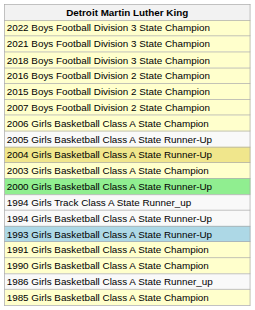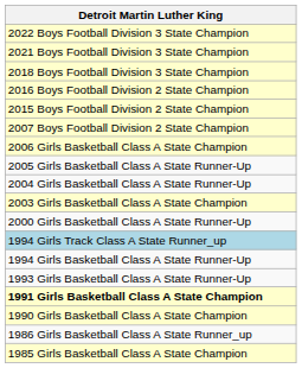 <table class="wikitable collapsible collapsed" style="min-width:25em; font-size:88%;">
 <tr>
 <th colspan="2">Detroit Martin Luther King</th>
 </tr>
 <tr style="background:#ffc;">
 <td>2022 Boys Football Division 3 State Champion</td>
 </tr>
 <tr style="background:#ffc;">
 <td>2021 Boys Football Division 3 State Champion</td>
 </tr>
 <tr style="background:#ffc;">
 <td>2018 Boys Football Division 3 State Champion</td>
 </tr>
 <tr style="background:#ffc;">
 <td>2016 Boys Football Division 2 State Champion</td>
 </tr>
 <tr style="background:#ffc;">
 <td>2015 Boys Football Division 2 State Champion</td>
 </tr>
 <tr style="background:#ffc;">
 <td>2007 Boys Football Division 2 State Champion</td>
 </tr>
 <tr style="background:#ffc;">
 <td>2006 Girls Basketball Class A State Champion</td>
 </tr>
 <tr>
 <td>2005 Girls Basketball Class A State Runner-Up</td>
 </tr>
 <tr>
-<td style="background: khaki;">2004 Girls Basketball Class A State Runner-Up</td>
+<td>2004 Girls Basketball Class A State Runner-Up</td>
 </tr>
 <tr style="background:#ffc;">
 <td>2003 Girls Basketball Class A State Champion</td>
 </tr>
 <tr>
-<td style="background: lightgreen;">2000 Girls Basketball Class A State Runner-Up</td>
+<td>2000 Girls Basketball Class A State Runner-Up</td>
 </tr>
 <tr>
-<td>1994 Girls Track Class A State Runner_up</td>
+<td style="background: lightblue;">1994 Girls Track Class A State Runner_up</td>
 </tr>
 <tr>
 <td>1994 Girls Basketball Class A State Runner-Up</td>
 </tr>
 <tr>
-<td style="background: lightblue;">1993 Girls Basketball Class A State Runner-Up</td>
+<td>1993 Girls Basketball Class A State Runner-Up</td>
 </tr>
 <tr style="background:#ffc;">
-<td>1991 Girls Basketball Class A State Champion</td>
+<td><strong>1991 Girls Basketball Class A State Champion</strong></td>
 </tr>
 <tr style="background:#ffc;">
 <td>1990 Girls Basketball Class A State Champion</td>
 </tr>
 <tr>
 <td>1986 Girls Basketball Class A State Runner_up</td>
 </tr>
 <tr style="background:#ffc;">
 <td>1985 Girls Basketball Class A State Champion</td>
 </tr>
 </table>
